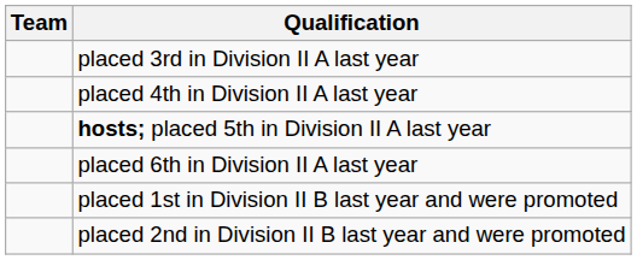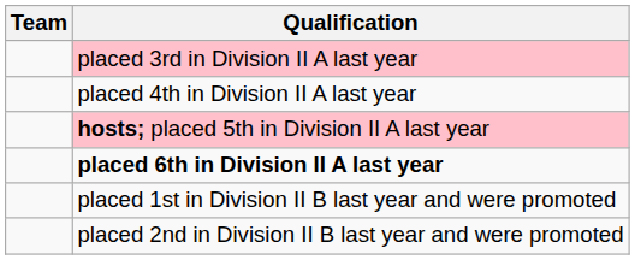 <table class="wikitable">
 <tr>
 <th>Team</th>
 <th>Qualification</th>
 </tr>
 <tr>
 <td></td>
-<td>placed 3rd in Division II A last year</td>
+<td style="background: pink;">placed 3rd in Division II A last year</td>
 </tr>
 <tr>
 <td></td>
 <td>placed 4th in Division II A last year</td>
 </tr>
 <tr>
 <td></td>
-<td><strong>hosts;</strong> placed 5th in Division II A last year</td>
+<td style="background: pink;"><strong>hosts;</strong> placed 5th in Division II A last year</td>
 </tr>
 <tr>
 <td></td>
-<td>placed 6th in Division II A last year</td>
+<td><strong>placed 6th in Division II A last year</strong></td>
 </tr>
 <tr>
 <td></td>
 <td>placed 1st in Division II B last year and were promoted</td>
 </tr>
 <tr>
 <td></td>
 <td>placed 2nd in Division II B last year and were promoted</td>
 </tr>
 </table>
